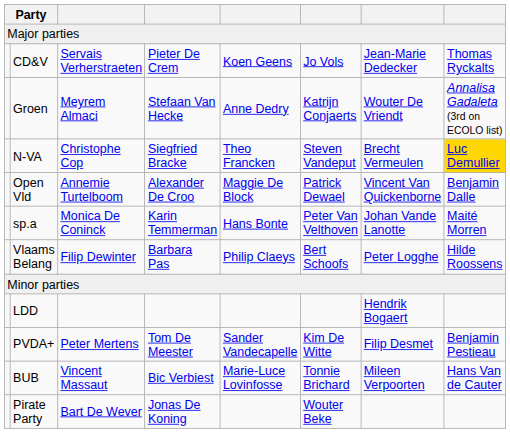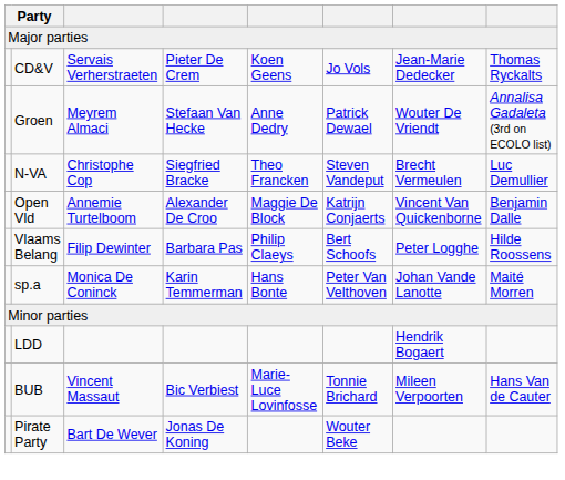 <table class="wikitable" style="font-size:95%;">
 <tr>
 <th colspan="2" style="width:175px;">Party</th>
 <th style="width:175px;"></th>
 <th style="width:175px;"></th>
 <th style="width:175px;"></th>
 <th style="width:175px;"></th>
 <th style="width:175px;"></th>
 <th style="width:175px;"></th>
 </tr>
 <tr bgcolor="efefef">
 <td align="left" colspan="8">Major parties</td>
 </tr>
 <tr>
 <td style="background-color: "></td>
 <td>CD&V</td>
 <td><a href='#'>Servais Verherstraeten</a></td>
 <td><a href='#'>Pieter De Crem</a></td>
 <td><a href='#'>Koen Geens</a></td>
 <td><a href='#'>Jo Vols</a></td>
 <td><a href='#'>Jean-Marie Dedecker</a></td>
 <td><a href='#'>Thomas Ryckalts</a></td>
 </tr>
 <tr>
 <td style="background-color: "></td>
 <td>Groen</td>
 <td><a href='#'>Meyrem Almaci</a></td>
 <td><a href='#'>Stefaan Van Hecke</a></td>
 <td><a href='#'>Anne Dedry</a></td>
-<td><a href='#'>Katrijn Conjaerts</a></td>
+<td><a href='#'>Patrick Dewael</a></td>
 <td><a href='#'>Wouter De Vriendt</a></td>
 <td><em><a href='#'>Annalisa Gadaleta</a></em><br><small>(3rd on ECOLO list)</small></td>
 </tr>
 <tr>
 <td style="background-color: "></td>
 <td>N-VA</td>
 <td><a href='#'>Christophe Cop</a></td>
 <td><a href='#'>Siegfried Bracke</a></td>
 <td><a href='#'>Theo Francken</a></td>
 <td><a href='#'>Steven Vandeput</a></td>
 <td><a href='#'>Brecht Vermeulen</a></td>
-<td style="background: gold;"><a href='#'>Luc Demullier</a></td>
+<td><a href='#'>Luc Demullier</a></td>
 </tr>
 <tr>
 <td style="background-color: "></td>
 <td>Open Vld</td>
 <td><a href='#'>Annemie Turtelboom</a></td>
 <td><a href='#'>Alexander De Croo</a></td>
 <td><a href='#'>Maggie De Block</a></td>
-<td><a href='#'>Patrick Dewael</a></td>
+<td><a href='#'>Katrijn Conjaerts</a></td>
 <td><a href='#'>Vincent Van Quickenborne</a></td>
 <td><a href='#'>Benjamin Dalle</a></td>
+</tr>
+<tr>
+<td style="background-color: "></td>
+<td>Vlaams Belang</td>
+<td><a href='#'>Filip Dewinter</a></td>
+<td><a href='#'>Barbara Pas</a></td>
+<td><a href='#'>Philip Claeys</a></td>
+<td><a href='#'>Bert Schoofs</a></td>
+<td><a href='#'>Peter Logghe</a></td>
+<td><a href='#'>Hilde Roossens</a></td>
 </tr>
 <tr>
 <td style="background-color: "></td>
 <td>sp.a</td>
 <td><a href='#'>Monica De Coninck</a></td>
 <td><a href='#'>Karin Temmerman</a></td>
 <td><a href='#'>Hans Bonte</a></td>
 <td><a href='#'>Peter Van Velthoven</a></td>
 <td><a href='#'>Johan Vande Lanotte</a></td>
 <td><a href='#'>Maité Morren</a></td>
-</tr>
-<tr>
-<td style="background-color: "></td>
-<td>Vlaams Belang</td>
-<td><a href='#'>Filip Dewinter</a></td>
-<td><a href='#'>Barbara Pas</a></td>
-<td><a href='#'>Philip Claeys</a></td>
-<td><a href='#'>Bert Schoofs</a></td>
-<td><a href='#'>Peter Logghe</a></td>
-<td><a href='#'>Hilde Roossens</a></td>
 </tr>
 <tr bgcolor="efefef">
 <td align="left" colspan="8">Minor parties</td>
 </tr>
 <tr>
 <td style="background-color: "></td>
 <td>LDD</td>
 <td></td>
 <td></td>
 <td></td>
 <td></td>
 <td><a href='#'>Hendrik Bogaert</a></td>
 <td></td>
-</tr>
-<tr>
-<td style="background-color: "></td>
-<td>PVDA+</td>
-<td><a href='#'>Peter Mertens</a></td>
-<td><a href='#'>Tom De Meester</a></td>
-<td><a href='#'>Sander Vandecapelle</a></td>
-<td><a href='#'>Kim De Witte</a></td>
-<td><a href='#'>Filip Desmet</a></td>
-<td><a href='#'>Benjamin Pestieau</a></td>
 </tr>
 <tr>
 <td></td>
 <td>BUB</td>
 <td><a href='#'>Vincent Massaut</a></td>
 <td><a href='#'>Bic Verbiest</a></td>
 <td><a href='#'>Marie-Luce Lovinfosse</a></td>
 <td><a href='#'>Tonnie Brichard</a></td>
 <td><a href='#'>Mileen Verpoorten</a></td>
 <td><a href='#'>Hans Van de Cauter</a></td>
 </tr>
 <tr>
 <td></td>
 <td>Pirate Party</td>
 <td><a href='#'>Bart De Wever</a></td>
 <td><a href='#'>Jonas De Koning</a></td>
 <td></td>
 <td><a href='#'>Wouter Beke</a></td>
 <td></td>
 <td></td>
 </tr>
 </table>
